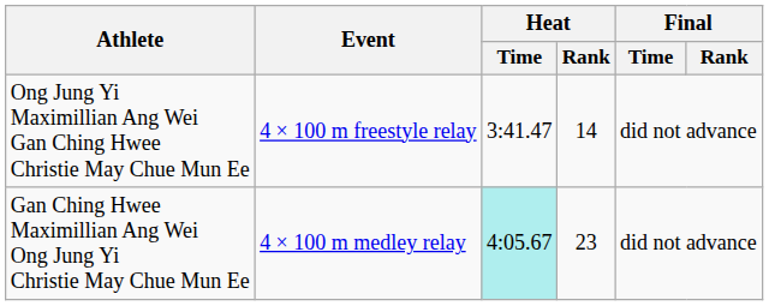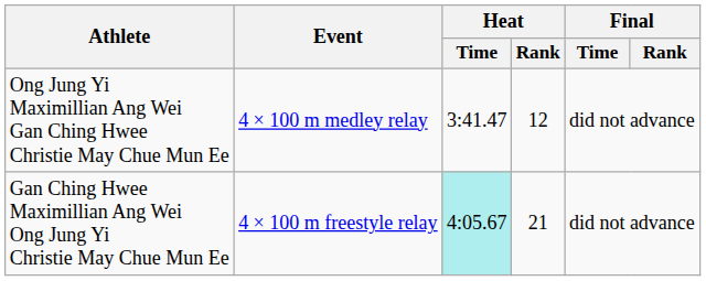 <table class=wikitable style="font-size:90%">
 <tr>
 <th rowspan=2>Athlete</th>
 <th rowspan=2>Event</th>
 <th colspan="2">Heat</th>
 <th colspan="2">Final</th>
 </tr>
 <tr style="font-size:95%">
 <th>Time</th>
 <th>Rank</th>
 <th>Time</th>
 <th>Rank</th>
 </tr>
 <tr align=center>
 <td align=left>Ong Jung Yi <br> Maximillian Ang Wei <br> Gan Ching Hwee <br> Christie May Chue Mun Ee</td>
-<td align=left><a href='#'>4 × 100 m freestyle relay</a></td>
+<td align=left><a href='#'>4 × 100 m medley relay</a></td>
 <td>3:41.47</td>
-<td>14</td>
+<td>12</td>
 <td colspan=2>did not advance</td>
 </tr>
 <tr align=center>
 <td align=left>Gan Ching Hwee <br> Maximillian Ang Wei <br> Ong Jung Yi <br> Christie May Chue Mun Ee</td>
-<td align=left><a href='#'>4 × 100 m medley relay</a></td>
+<td align=left><a href='#'>4 × 100 m freestyle relay</a></td>
 <td style="background: paleturquoise;">4:05.67</td>
-<td>23</td>
+<td>21</td>
 <td colspan=2>did not advance</td>
 </tr>
 </table>
